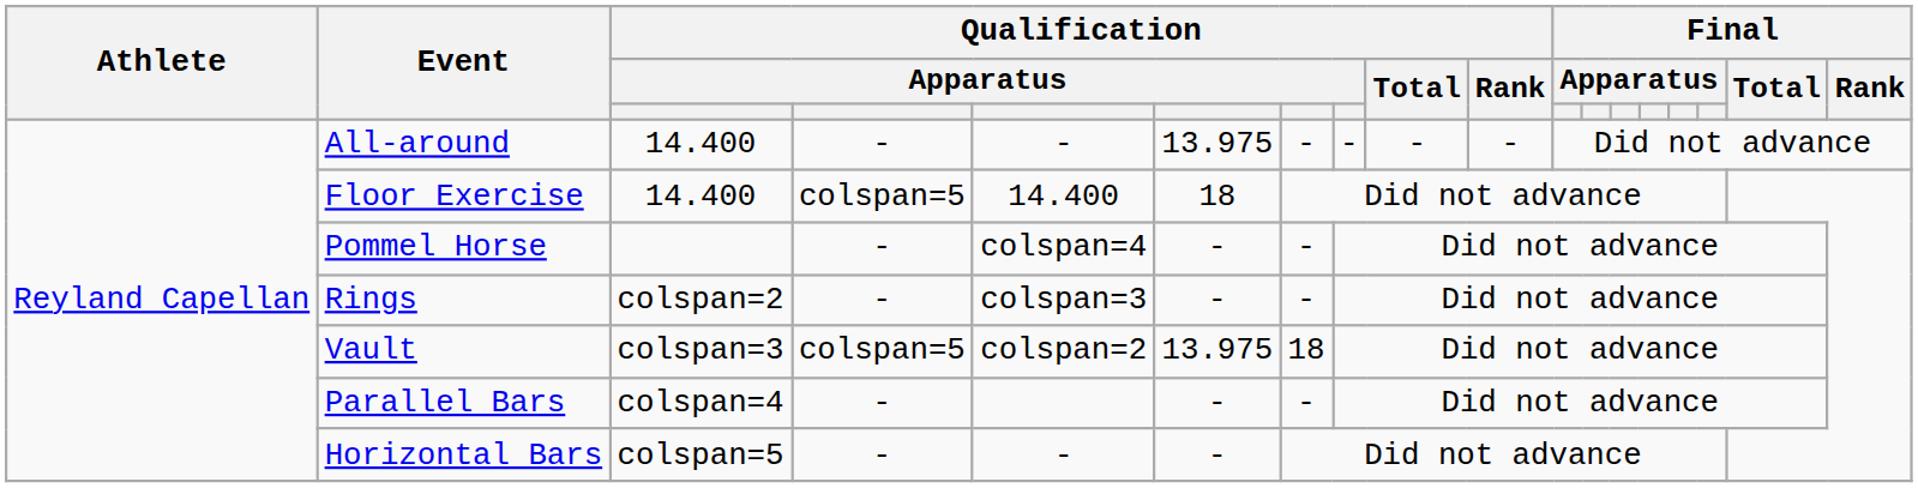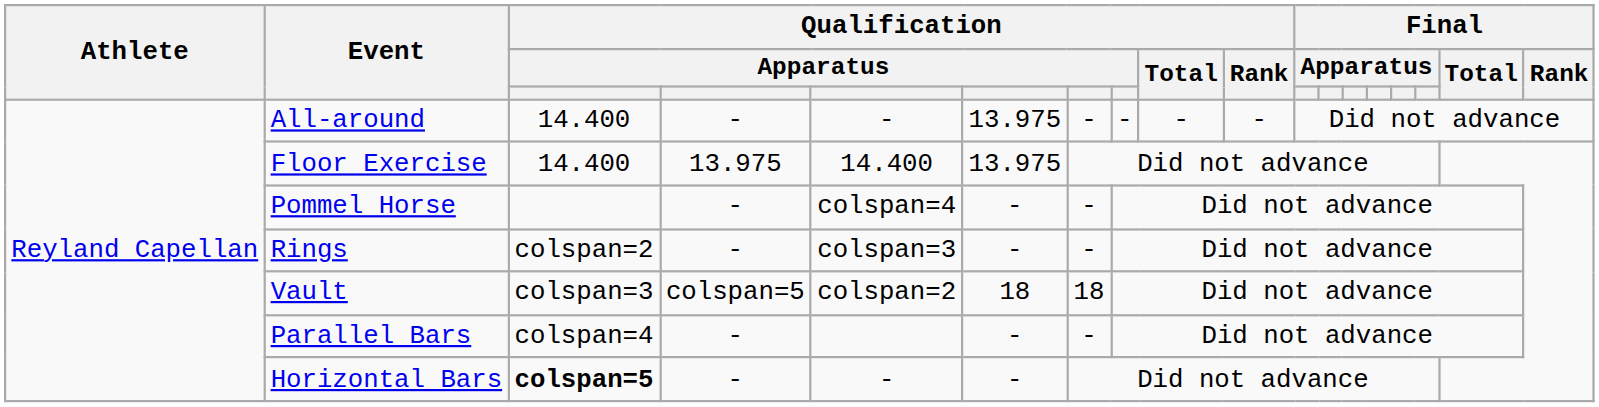 <table class="wikitable" style="font-size:90%">
 <tr>
 <th rowspan=3>Athlete</th>
 <th rowspan=3>Event</th>
 <th colspan=8>Qualification</th>
 <th colspan=8>Final</th>
 </tr>
 <tr style="font-size:95%">
 <th colspan=6>Apparatus</th>
 <th rowspan=2>Total</th>
 <th rowspan=2>Rank</th>
 <th colspan=6>Apparatus</th>
 <th rowspan=2>Total</th>
 <th rowspan=2>Rank</th>
 </tr>
 <tr style="font-size:95%">
 <th></th>
 <th></th>
 <th></th>
 <th></th>
 <th></th>
 <th></th>
 <th></th>
 <th></th>
 <th></th>
 <th></th>
 <th></th>
 <th></th>
 </tr>
 <tr align=center>
 <td align=left rowspan=7><a href='#'>Reyland Capellan</a></td>
 <td align=left><a href='#'>All-around</a></td>
 <td>14.400</td>
 <td>-</td>
 <td>-</td>
 <td>13.975</td>
 <td>-</td>
 <td>-</td>
 <td>-</td>
 <td>-</td>
 <td colspan=10>Did not advance</td>
 </tr>
 <tr align=center>
 <td align=left><a href='#'>Floor Exercise</a></td>
 <td>14.400</td>
-<td>colspan=5 </td>
+<td>13.975</td>
 <td>14.400</td>
-<td>18</td>
+<td>13.975</td>
 <td colspan=10>Did not advance</td>
 </tr>
 <tr align=center>
 <td align=left><a href='#'>Pommel Horse</a></td>
 <td></td>
 <td>-</td>
 <td>colspan=4 </td>
 <td>-</td>
 <td>-</td>
 <td colspan=10>Did not advance</td>
 </tr>
 <tr align=center>
 <td align=left><a href='#'>Rings</a></td>
 <td>colspan=2 </td>
 <td>-</td>
 <td>colspan=3 </td>
 <td>-</td>
 <td>-</td>
 <td colspan=10>Did not advance</td>
 </tr>
 <tr align=center>
 <td align=left><a href='#'>Vault</a></td>
 <td>colspan=3 </td>
 <td>colspan=5 </td>
 <td>colspan=2 </td>
-<td>13.975</td>
+<td>18</td>
 <td>18</td>
 <td colspan=10>Did not advance</td>
 </tr>
 <tr align=center>
 <td align=left><a href='#'>Parallel Bars</a></td>
 <td>colspan=4 </td>
 <td>-</td>
 <td></td>
 <td>-</td>
 <td>-</td>
 <td colspan=10>Did not advance</td>
 </tr>
 <tr align=center>
 <td align=left><a href='#'>Horizontal Bars</a></td>
-<td>colspan=5 </td>
+<td><strong>colspan=5 </strong></td>
 <td>-</td>
 <td>-</td>
 <td>-</td>
 <td colspan=10>Did not advance</td>
 </tr>
 </table>
